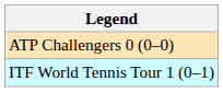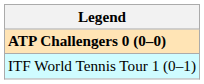 <table class=wikitable style=font-size:97%>
 <tr>
 <th>Legend</th>
 </tr>
 <tr style="background:moccasin;">
-<td>ATP Challengers 0 (0–0)</td>
+<td><strong>ATP Challengers 0 (0–0)</strong></td>
 </tr>
 <tr style="background:#cffcff;">
 <td>ITF World Tennis Tour 1 (0–1)</td>
 </tr>
 </table>
